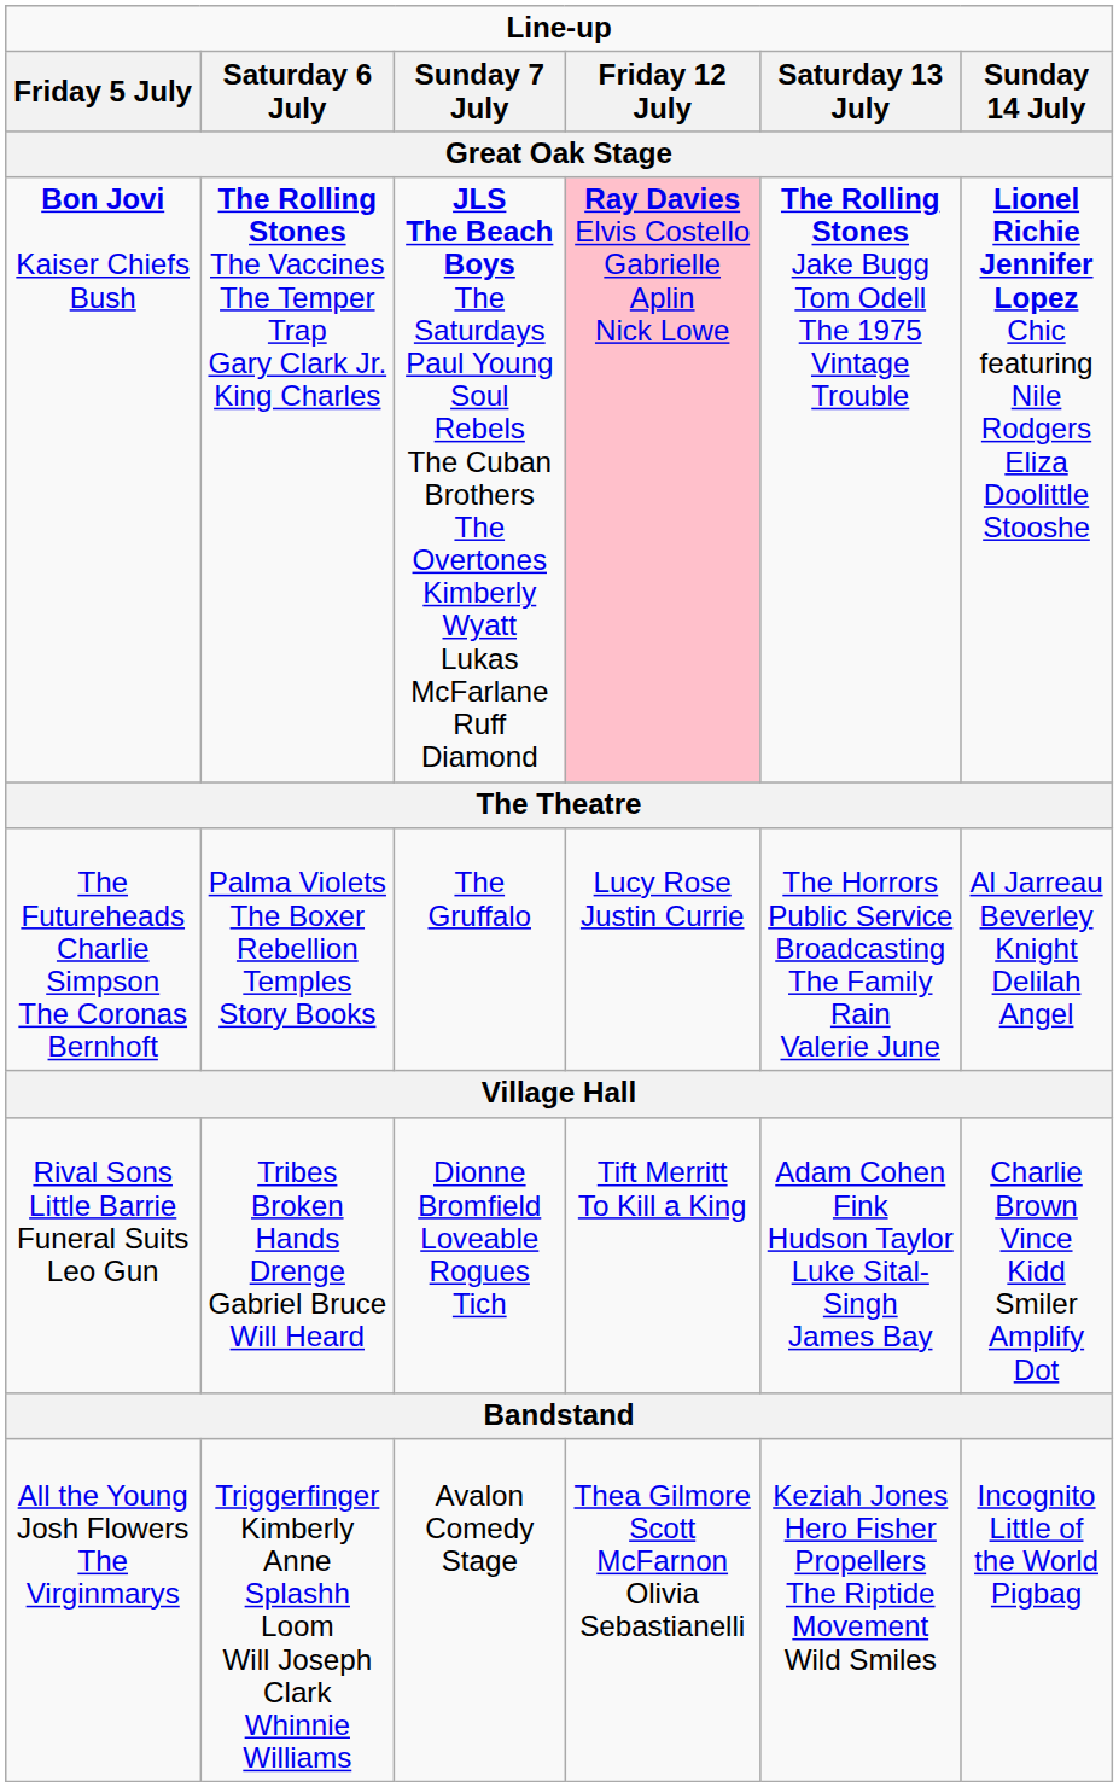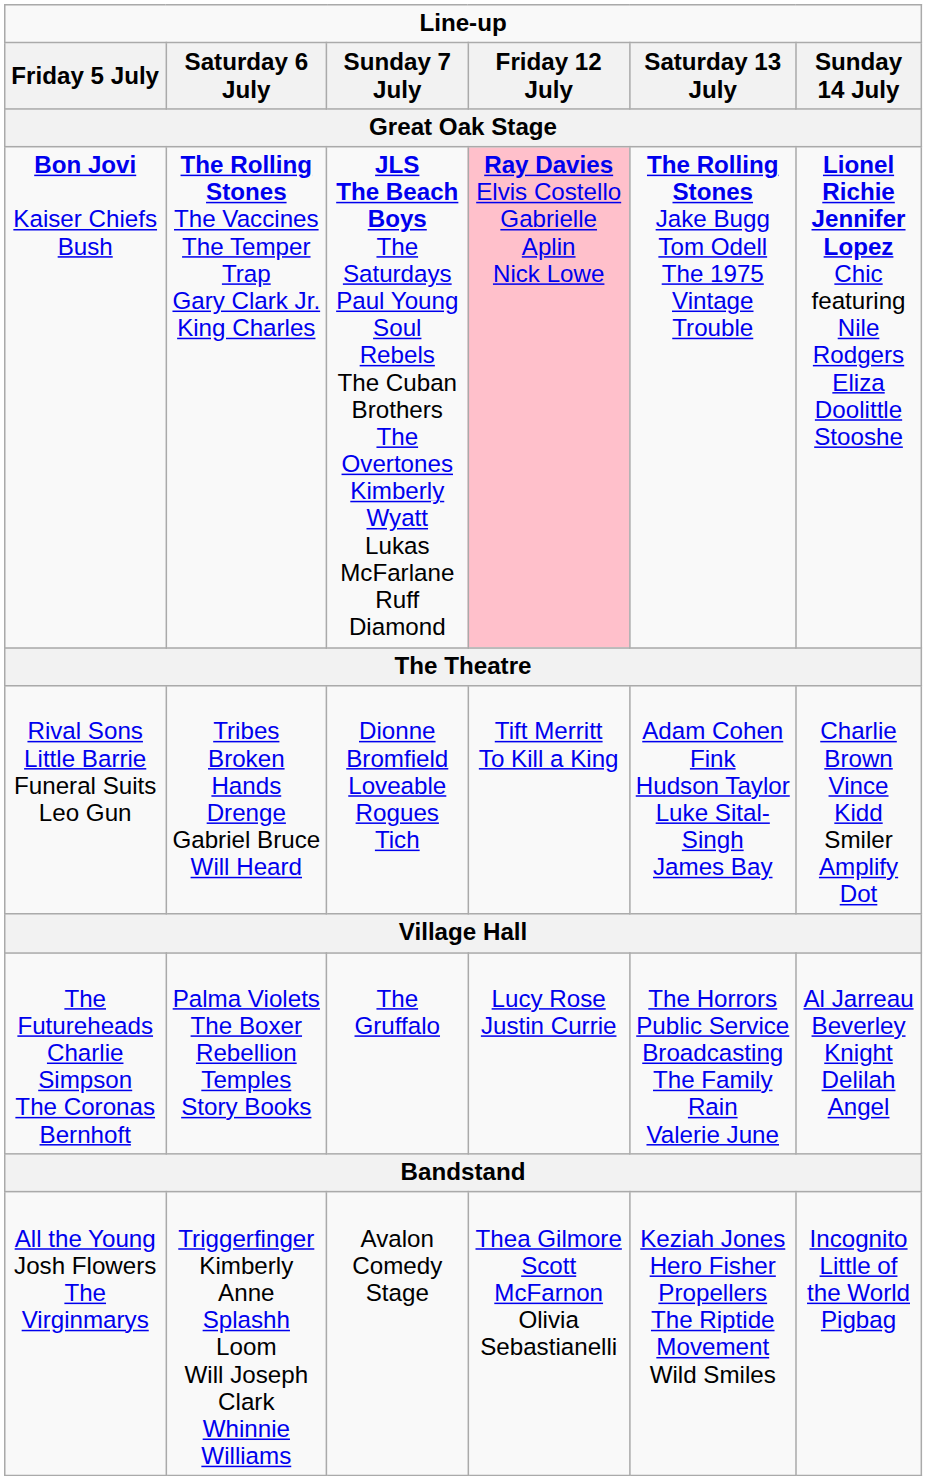 <table class="wikitable">
 <tr>
 <td colspan="6" style="text-align:center;"><strong>Line-up</strong></td>
 </tr>
 <tr>
 <th>Friday 5 July</th>
 <th>Saturday 6 July</th>
 <th>Sunday 7 July</th>
 <th>Friday 12 July</th>
 <th>Saturday 13 July</th>
 <th>Sunday 14 July</th>
 </tr>
 <tr>
 <th colspan="6" style="text-align:center;"><strong>Great Oak Stage</strong></th>
 </tr>
 <tr>
 <td style="text-align:center; vertical-align:top; width:250px;"><strong><a href='#'>Bon Jovi</a></strong><br><br><a href='#'>Kaiser Chiefs</a> <br><a href='#'>Bush</a></td>
 <td style="text-align:center; vertical-align:top; width:250px;"><strong><a href='#'>The Rolling Stones</a></strong><br><a href='#'>The Vaccines</a> <br><a href='#'>The Temper Trap</a> <br><a href='#'>Gary Clark Jr.</a> <br><a href='#'>King Charles</a></td>
 <td style="text-align:center; vertical-align:top; width:250px;"><strong><a href='#'>JLS</a></strong><br><strong><a href='#'>The Beach Boys</a></strong><br><a href='#'>The Saturdays</a> <br><a href='#'>Paul Young</a> <br><a href='#'>Soul Rebels</a> <br>The Cuban Brothers <br><a href='#'>The Overtones</a> <br><a href='#'>Kimberly Wyatt</a> <br>Lukas McFarlane <br>Ruff Diamond</td>
 <td style="background: pink; text-align:center; vertical-align:top; width:250px;"><strong><a href='#'>Ray Davies</a></strong><br><a href='#'>Elvis Costello</a> <br><a href='#'>Gabrielle Aplin</a> <br><a href='#'>Nick Lowe</a></td>
 <td style="text-align:center; vertical-align:top; width:250px;"><strong><a href='#'>The Rolling Stones</a></strong><br><a href='#'>Jake Bugg</a> <br><a href='#'>Tom Odell</a> <br><a href='#'>The 1975</a> <br><a href='#'>Vintage Trouble</a></td>
 <td style="text-align:center; vertical-align:top; width:250px;"><strong><a href='#'>Lionel Richie</a></strong><br><strong><a href='#'>Jennifer Lopez</a></strong><br><a href='#'>Chic</a> featuring <a href='#'>Nile Rodgers</a> <br><a href='#'>Eliza Doolittle</a> <br><a href='#'>Stooshe</a></td>
 </tr>
 <tr>
 <th colspan="6" style="text-align:center;" col="#BFBFBF"><strong>The Theatre</strong></th>
 </tr>
 <tr>
+<td style="text-align:center; vertical-align:top; width:250px;"><br><a href='#'>Rival Sons</a> <br><a href='#'>Little Barrie</a> <br>Funeral Suits <br>Leo Gun</td>
+<td style="text-align:center; vertical-align:top; width:250px;"><br><a href='#'>Tribes</a> <br><a href='#'>Broken Hands</a> <br><a href='#'>Drenge</a> <br>Gabriel Bruce <br><a href='#'>Will Heard</a></td>
+<td style="text-align:center; vertical-align:top; width:250px;"><br><a href='#'>Dionne Bromfield</a> <br><a href='#'>Loveable Rogues</a> <br><a href='#'>Tich</a></td>
+<td style="text-align:center; vertical-align:top; width:250px;"><br><a href='#'>Tift Merritt</a> <br><a href='#'>To Kill a King</a></td>
+<td style="text-align:center; vertical-align:top; width:250px;"><br><a href='#'>Adam Cohen</a> <br><a href='#'>Fink</a> <br><a href='#'>Hudson Taylor</a> <br><a href='#'>Luke Sital-Singh</a> <br><a href='#'>James Bay</a></td>
+<td style="text-align:center; vertical-align:top; width:250px;"><br><a href='#'>Charlie Brown</a> <br><a href='#'>Vince Kidd</a> <br>Smiler <br><a href='#'>Amplify Dot</a></td>
+</tr>
+<tr>
+<th colspan="6" style="text-align:center;" col="#BFBFBF"><strong>Village Hall</strong></th>
+</tr>
+<tr>
 <td style="text-align:center; vertical-align:top; width:250px;"><br><a href='#'>The Futureheads</a> <br><a href='#'>Charlie Simpson</a> <br><a href='#'>The Coronas</a> <br><a href='#'>Bernhoft</a></td>
 <td style="text-align:center; vertical-align:top; width:250px;"><br><a href='#'>Palma Violets</a> <br><a href='#'>The Boxer Rebellion</a> <br><a href='#'>Temples</a> <br><a href='#'>Story Books</a></td>
 <td style="text-align:center; vertical-align:top; width:250px;"><br><a href='#'>The Gruffalo</a></td>
 <td style="text-align:center; vertical-align:top; width:250px;"><br><a href='#'>Lucy Rose</a> <br><a href='#'>Justin Currie</a></td>
 <td style="text-align:center; vertical-align:top; width:250px;"><br><a href='#'>The Horrors</a> <br><a href='#'>Public Service Broadcasting</a> <br><a href='#'>The Family Rain</a> <br><a href='#'>Valerie June</a></td>
 <td style="text-align:center; vertical-align:top; width:250px;"><br><a href='#'>Al Jarreau</a> <br><a href='#'>Beverley Knight</a> <br><a href='#'>Delilah</a> <br><a href='#'>Angel</a></td>
-</tr>
-<tr>
-<th colspan="6" style="text-align:center;" col="#BFBFBF"><strong>Village Hall</strong></th>
-</tr>
-<tr>
-<td style="text-align:center; vertical-align:top; width:250px;"><br><a href='#'>Rival Sons</a> <br><a href='#'>Little Barrie</a> <br>Funeral Suits <br>Leo Gun</td>
-<td style="text-align:center; vertical-align:top; width:250px;"><br><a href='#'>Tribes</a> <br><a href='#'>Broken Hands</a> <br><a href='#'>Drenge</a> <br>Gabriel Bruce <br><a href='#'>Will Heard</a></td>
-<td style="text-align:center; vertical-align:top; width:250px;"><br><a href='#'>Dionne Bromfield</a> <br><a href='#'>Loveable Rogues</a> <br><a href='#'>Tich</a></td>
-<td style="text-align:center; vertical-align:top; width:250px;"><br><a href='#'>Tift Merritt</a> <br><a href='#'>To Kill a King</a></td>
-<td style="text-align:center; vertical-align:top; width:250px;"><br><a href='#'>Adam Cohen</a> <br><a href='#'>Fink</a> <br><a href='#'>Hudson Taylor</a> <br><a href='#'>Luke Sital-Singh</a> <br><a href='#'>James Bay</a></td>
-<td style="text-align:center; vertical-align:top; width:250px;"><br><a href='#'>Charlie Brown</a> <br><a href='#'>Vince Kidd</a> <br>Smiler <br><a href='#'>Amplify Dot</a></td>
 </tr>
 <tr>
 <th colspan="6" style="text-align:center;" col="#BFBFBF"><strong>Bandstand</strong></th>
 </tr>
 <tr>
 <td style="text-align:center; vertical-align:top; width:250px;"><br><a href='#'>All the Young</a> <br>Josh Flowers <br><a href='#'>The Virginmarys</a></td>
 <td style="text-align:center; vertical-align:top; width:250px;"><br><a href='#'>Triggerfinger</a> <br>Kimberly Anne <br><a href='#'>Splashh</a> <br>Loom <br>Will Joseph Clark <br><a href='#'>Whinnie Williams</a></td>
 <td style="text-align:center; vertical-align:top; width:250px;"><br>Avalon Comedy Stage</td>
 <td style="text-align:center; vertical-align:top; width:250px;"><br><a href='#'>Thea Gilmore</a> <br><a href='#'>Scott McFarnon</a> <br>Olivia Sebastianelli</td>
 <td style="text-align:center; vertical-align:top; width:250px;"><br><a href='#'>Keziah Jones</a> <br><a href='#'>Hero Fisher</a> <br><a href='#'>Propellers</a> <br><a href='#'>The Riptide Movement</a> <br>Wild Smiles</td>
 <td style="text-align:center; vertical-align:top; width:250px;"><br><a href='#'>Incognito</a> <br><a href='#'>Little of the World</a> <br><a href='#'>Pigbag</a></td>
 </tr>
 </table>
